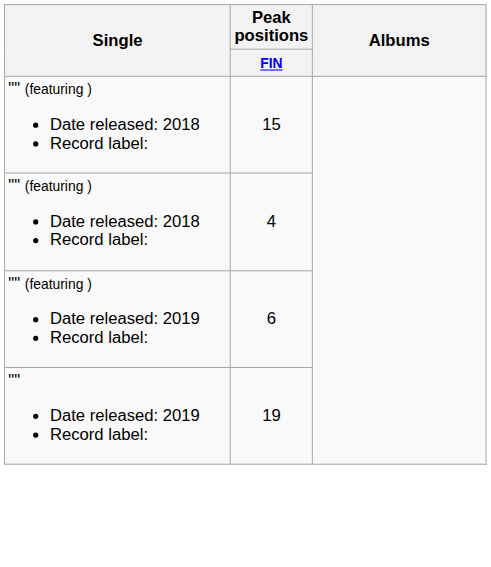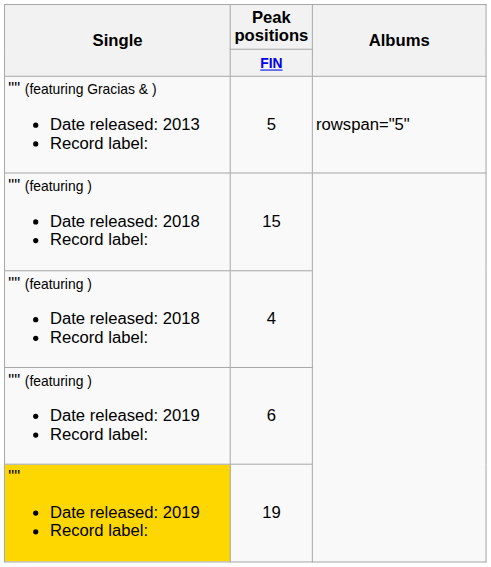 <table class="wikitable">
 <tr>
 <th align="center" rowspan="2" width="210">Single</th>
 <th align="center" colspan="1" width="20">Peak positions</th>
 <th align="center" rowspan="2" width="160">Albums</th>
 </tr>
 <tr>
 <th width="20"><small><a href='#'>FIN</a><br></small></th>
+</tr>
+<tr>
+<td>"" <small>(featuring Gracias & )</small><br><ul><li>Date released: 2013</li><li>Record label: </li></ul></td>
+<td style="text-align:center;">5</td>
+<td>rowspan="5" </td>
 </tr>
 <tr>
 <td>"" <small>(featuring )</small><br><ul><li>Date released: 2018</li><li>Record label: </li></ul></td>
 <td style="text-align:center;">15<br></td>
 </tr>
 <tr>
 <td>"" <small>(featuring )</small><br><ul><li>Date released: 2018</li><li>Record label: </li></ul></td>
 <td style="text-align:center;">4<br></td>
 </tr>
 <tr>
 <td>"" <small>(featuring )</small><br><ul><li>Date released: 2019</li><li>Record label: </li></ul></td>
 <td style="text-align:center;">6<br></td>
 </tr>
 <tr>
-<td>""<br><ul><li>Date released: 2019</li><li>Record label: </li></ul></td>
+<td style="background: gold;">""<br><ul><li>Date released: 2019</li><li>Record label: </li></ul></td>
 <td style="text-align:center;">19<br></td>
 </tr>
 </table>
